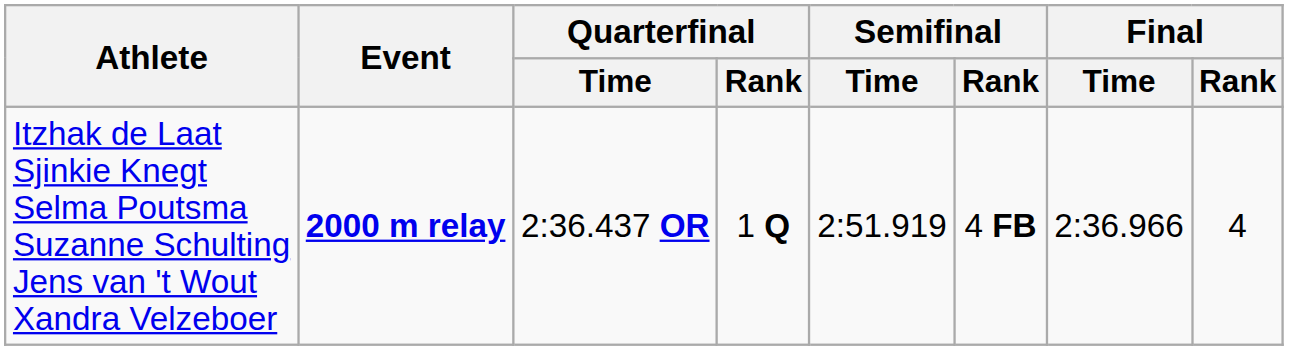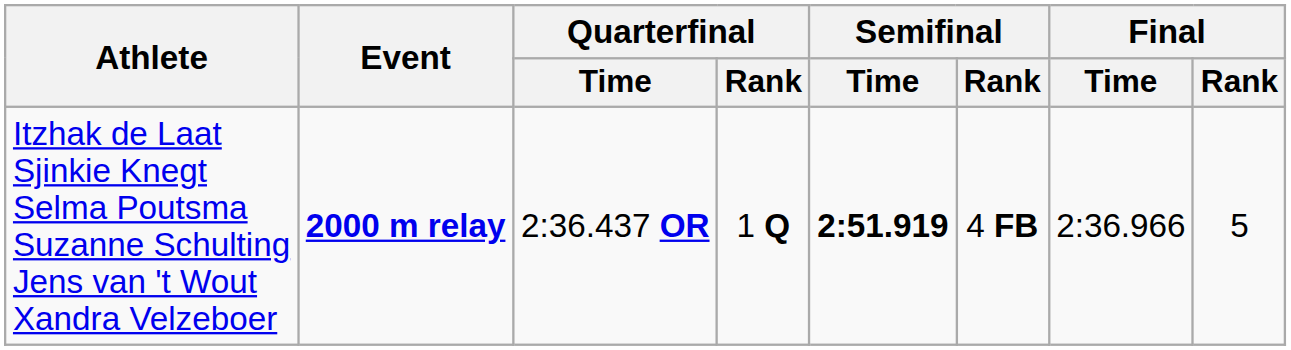 <table class="wikitable" style="font-size:90%">
 <tr>
 <th rowspan=2>Athlete</th>
 <th rowspan=2>Event</th>
 <th colspan=2>Quarterfinal</th>
 <th colspan=2>Semifinal</th>
 <th colspan=2>Final</th>
 </tr>
 <tr style="font-size:95%">
 <th>Time</th>
 <th>Rank</th>
 <th>Time</th>
 <th>Rank</th>
 <th>Time</th>
 <th>Rank</th>
 </tr>
 <tr align=center>
 <td align=left><a href='#'>Itzhak de Laat</a><br><a href='#'>Sjinkie Knegt</a><br><a href='#'>Selma Poutsma</a><br><a href='#'>Suzanne Schulting</a><br><a href='#'>Jens van 't Wout</a><br><a href='#'>Xandra Velzeboer</a></td>
 <td align=left><strong><a href='#'>2000 m relay</a></strong></td>
 <td>2:36.437 <strong><a href='#'>OR</a></strong></td>
 <td>1 <strong>Q</strong></td>
-<td>2:51.919</td>
+<td><strong>2:51.919</strong></td>
 <td>4 <strong>FB</strong></td>
 <td>2:36.966</td>
-<td>4</td>
+<td>5</td>
 </tr>
 </table>
